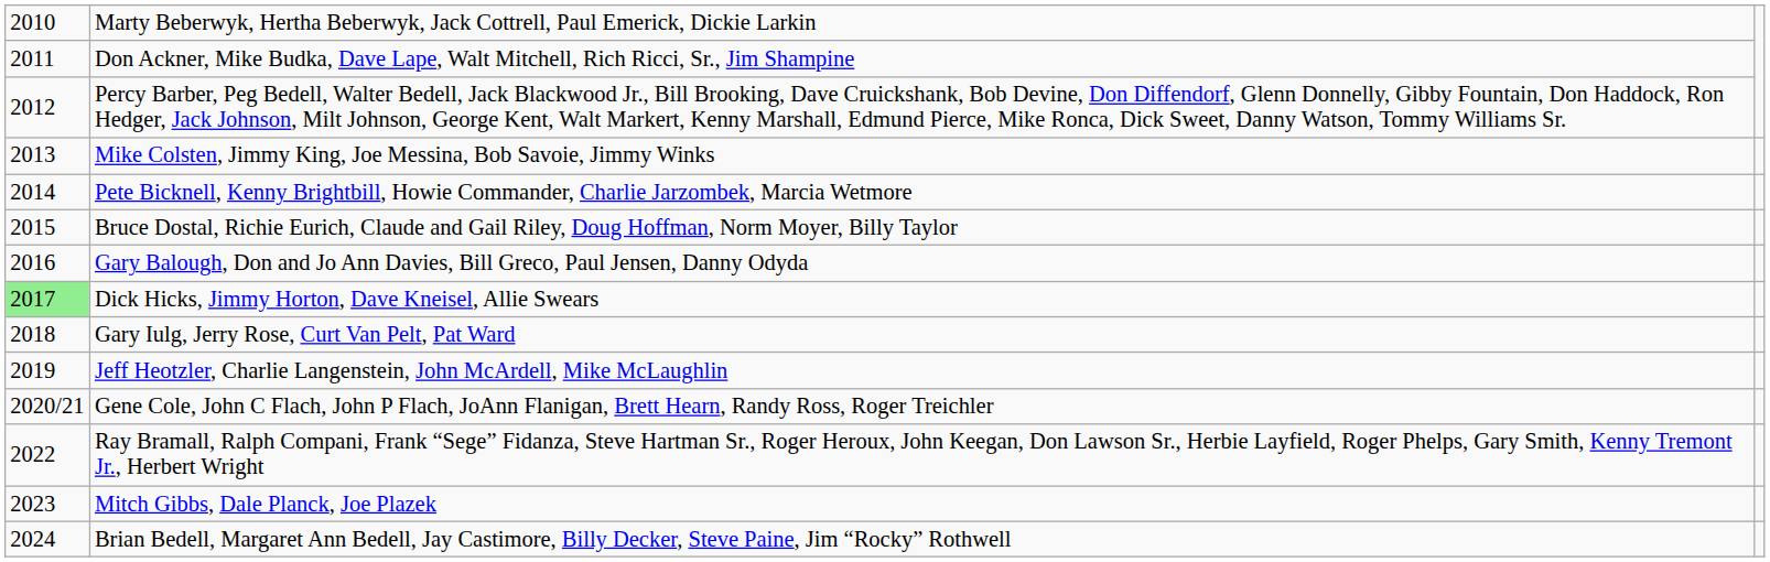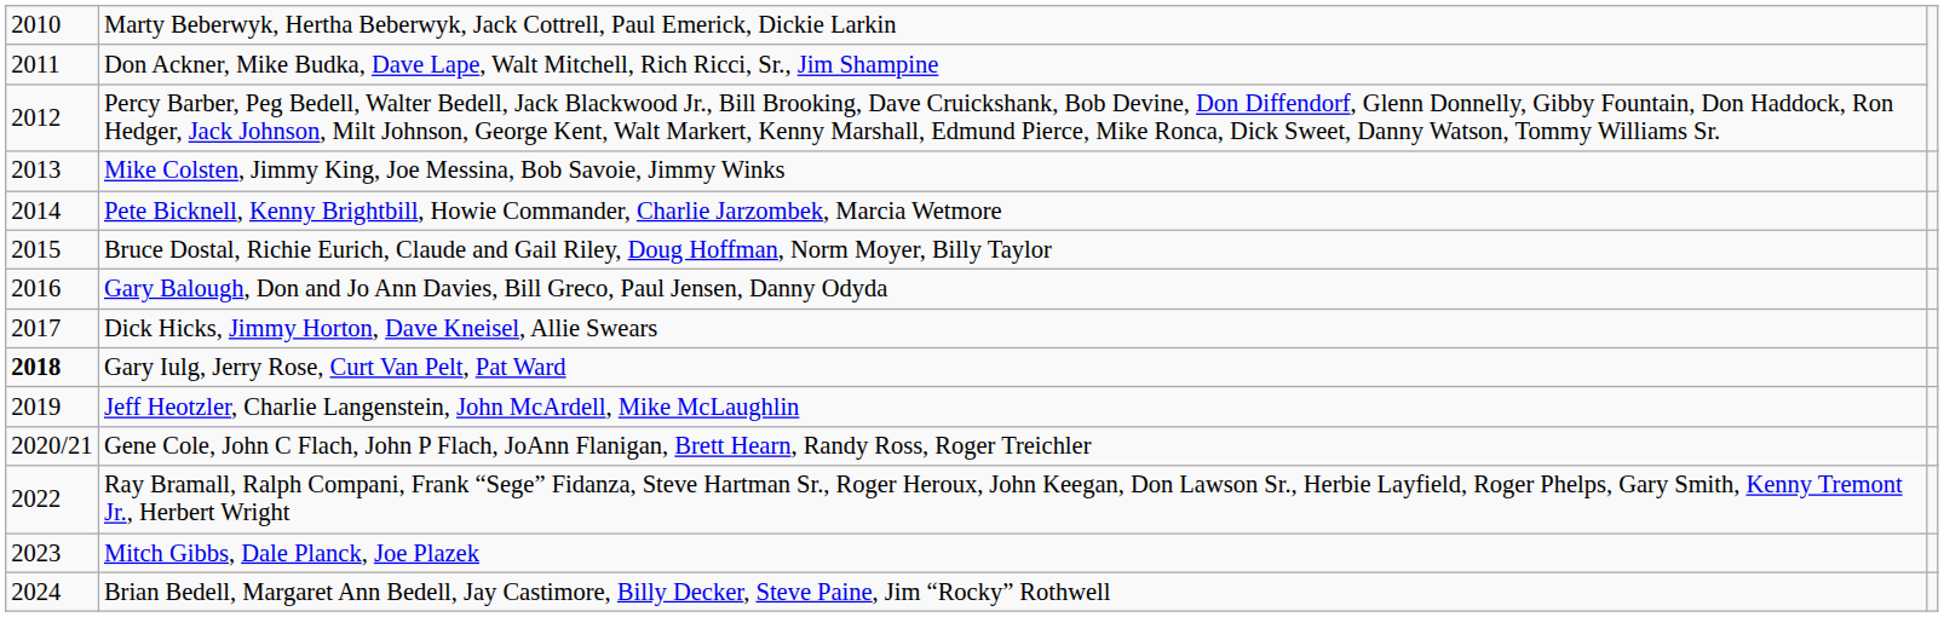 <table class="wikitable">
 <tr>
 <td>2010</td>
 <td>Marty Beberwyk, Hertha Beberwyk, Jack Cottrell, Paul Emerick, Dickie Larkin</td>
 <td rowspan=3></td>
 </tr>
 <tr>
 <td>2011</td>
 <td>Don Ackner, Mike Budka, <a href='#'>Dave Lape</a>, Walt Mitchell, Rich Ricci, Sr., <a href='#'>Jim Shampine</a></td>
 </tr>
 <tr>
 <td>2012</td>
 <td>Percy Barber, Peg Bedell, Walter Bedell, Jack Blackwood Jr., Bill Brooking, Dave Cruickshank, Bob Devine, <a href='#'>Don Diffendorf</a>, Glenn Donnelly, Gibby Fountain, Don Haddock, Ron Hedger, <a href='#'>Jack Johnson</a>, Milt Johnson, George Kent, Walt Markert, Kenny Marshall, Edmund Pierce, Mike Ronca, Dick Sweet, Danny Watson, Tommy Williams Sr.</td>
 </tr>
 <tr>
 <td>2013</td>
 <td><a href='#'>Mike Colsten</a>, Jimmy King, Joe Messina, Bob Savoie, Jimmy Winks</td>
 <td></td>
 </tr>
 <tr>
 <td>2014</td>
 <td><a href='#'>Pete Bicknell</a>, <a href='#'>Kenny Brightbill</a>, Howie Commander, <a href='#'>Charlie Jarzombek</a>, Marcia Wetmore</td>
 <td></td>
 </tr>
 <tr>
 <td>2015</td>
 <td>Bruce Dostal, Richie Eurich, Claude and Gail Riley, <a href='#'>Doug Hoffman</a>, Norm Moyer, Billy Taylor</td>
 <td></td>
 </tr>
 <tr>
 <td>2016</td>
 <td><a href='#'>Gary Balough</a>, Don and Jo Ann Davies, Bill Greco, Paul Jensen, Danny Odyda</td>
 <td></td>
 </tr>
 <tr>
-<td style="background: lightgreen;">2017</td>
+<td>2017</td>
 <td>Dick Hicks, <a href='#'>Jimmy Horton</a>, <a href='#'>Dave Kneisel</a>, Allie Swears</td>
 <td></td>
 </tr>
 <tr>
-<td>2018</td>
+<td><strong>2018</strong></td>
 <td>Gary Iulg, Jerry Rose, <a href='#'>Curt Van Pelt</a>, <a href='#'>Pat Ward</a></td>
 <td></td>
 </tr>
 <tr>
 <td>2019</td>
 <td><a href='#'>Jeff Heotzler</a>, Charlie Langenstein, <a href='#'>John McArdell</a>, <a href='#'>Mike McLaughlin</a></td>
 <td></td>
 </tr>
 <tr>
 <td>2020/21</td>
 <td>Gene Cole, John C Flach, John P Flach, JoAnn Flanigan, <a href='#'>Brett Hearn</a>, Randy Ross, Roger Treichler</td>
 <td></td>
 </tr>
 <tr>
 <td>2022</td>
 <td>Ray Bramall, Ralph Compani, Frank “Sege” Fidanza, Steve Hartman Sr., Roger Heroux, John Keegan, Don Lawson Sr., Herbie Layfield, Roger Phelps, Gary Smith, <a href='#'>Kenny Tremont Jr.</a>, Herbert Wright</td>
 <td></td>
 </tr>
 <tr>
 <td>2023</td>
 <td><a href='#'>Mitch Gibbs</a>, <a href='#'>Dale Planck</a>, <a href='#'>Joe Plazek</a></td>
 <td></td>
 </tr>
 <tr>
 <td>2024</td>
 <td>Brian Bedell, Margaret Ann Bedell, Jay Castimore, <a href='#'>Billy Decker</a>, <a href='#'>Steve Paine</a>, Jim “Rocky” Rothwell</td>
 <td></td>
 </tr>
 </table>
